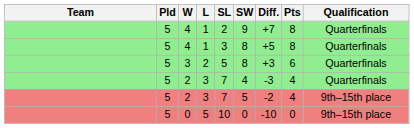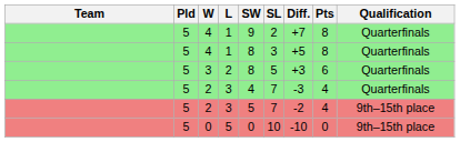 <table class=wikitable style="text-align:center">
 <tr>
 <th width=220>Team</th>
 <th width=20>Pld</th>
 <th width=20>W</th>
 <th width=20>L</th>
+<th width=20>SW</th>
 <th width=20>SL</th>
-<th width=20>SW</th>
 <th width=20>Diff.</th>
 <th width=20>Pts</th>
 <th width=150>Qualification</th>
 </tr>
 <tr bgcolor=90EE90>
 <td align=left></td>
 <td>5</td>
 <td>4</td>
 <td>1</td>
+<td>9</td>
 <td>2</td>
-<td>9</td>
 <td>+7</td>
 <td>8</td>
 <td>Quarterfinals</td>
 </tr>
 <tr bgcolor=90EE90>
 <td align=left></td>
 <td>5</td>
 <td>4</td>
 <td>1</td>
+<td>8</td>
 <td>3</td>
-<td>8</td>
 <td>+5</td>
 <td>8</td>
 <td>Quarterfinals</td>
 </tr>
 <tr bgcolor=90EE90>
 <td align=left></td>
 <td>5</td>
 <td>3</td>
 <td>2</td>
+<td>8</td>
 <td>5</td>
-<td>8</td>
 <td>+3</td>
 <td>6</td>
 <td>Quarterfinals</td>
 </tr>
 <tr bgcolor=90EE90>
 <td align=left></td>
 <td>5</td>
 <td>2</td>
 <td>3</td>
+<td>4</td>
 <td>7</td>
-<td>4</td>
 <td>-3</td>
 <td>4</td>
 <td>Quarterfinals</td>
 </tr>
 <tr bgcolor=F08080>
 <td align=left></td>
 <td>5</td>
 <td>2</td>
 <td>3</td>
+<td>5</td>
 <td>7</td>
-<td>5</td>
 <td>-2</td>
 <td>4</td>
 <td>9th–15th place</td>
 </tr>
 <tr bgcolor=F08080>
 <td align=left></td>
 <td>5</td>
 <td>0</td>
 <td>5</td>
+<td>0</td>
 <td>10</td>
-<td>0</td>
 <td>-10</td>
 <td>0</td>
 <td>9th–15th place</td>
 </tr>
 </table>
